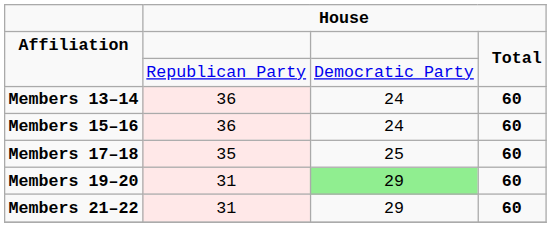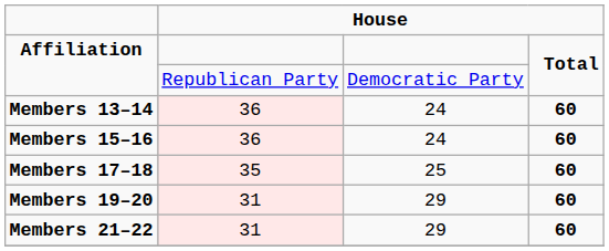 <table class="wikitable">
 <tr>
 <td style="text-align:center;vertical-align:top;"></td>
 <td colspan="4" align="center" valign="top"><strong>House</strong></td>
 </tr>
 <tr>
 <td rowspan="2" style="text-align:center;vertical-align:top;"><strong>Affiliation</strong></td>
 <td style="background-color:"> </td>
 <td style="background-color:"> </td>
 <td rowspan="2"> <strong>Total</strong></td>
 </tr>
 <tr>
 <td><a href='#'>Republican Party</a></td>
 <td><a href='#'>Democratic Party</a></td>
 </tr>
 <tr>
 <td><strong>Members 13–14</strong></td>
 <td style="background:#FFE8E8" align=center>36</td>
 <td style="text-align:center;">24</td>
 <td style="text-align:center;"><strong>60</strong></td>
 </tr>
 <tr>
 <td><strong>Members 15–16</strong></td>
 <td style="background:#FFE8E8" align=center>36</td>
 <td style="text-align:center;">24</td>
 <td style="text-align:center;"><strong>60</strong></td>
 </tr>
 <tr>
 <td><strong>Members 17–18</strong></td>
 <td style="background:#FFE8E8" align=center>35</td>
 <td style="text-align:center;">25</td>
 <td style="text-align:center;"><strong>60</strong></td>
 </tr>
 <tr>
 <td><strong>Members 19–20</strong></td>
 <td style="background:#FFE8E8" align=center>31</td>
-<td style="background: lightgreen; text-align:center;">29</td>
+<td style="text-align:center;">29</td>
 <td style="text-align:center;"><strong>60</strong></td>
 </tr>
 <tr>
 <td><strong>Members 21–22</strong></td>
 <td style="background:#FFE8E8" align=center>31</td>
 <td style="text-align:center;">29</td>
 <td style="text-align:center;"><strong>60</strong></td>
 </tr>
 <tr>
 </tr>
 </table>
